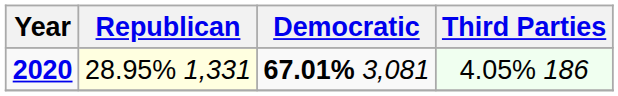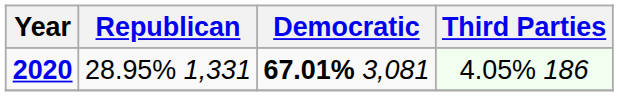 <table class="wikitable" style="float:right; font-size:95%;">
 <tr bgcolor=lightgrey>
 <th>Year</th>
 <th><a href='#'>Republican</a></th>
 <th><a href='#'>Democratic</a></th>
 <th><a href='#'>Third Parties</a></th>
 </tr>
 <tr>
 <td style="text-align:center; "><strong><a href='#'>2020</a></strong></td>
-<td style="background: lightyellow; text-align:center; ">28.95% <em>1,331</em></td>
+<td style="text-align:center; ">28.95% <em>1,331</em></td>
 <td style="text-align:center; "><strong>67.01%</strong> <em>3,081</em></td>
 <td style="text-align:center; background:honeyDew;">4.05% <em>186</em></td>
 </tr>
 <tr>
 </tr>
 </table>
